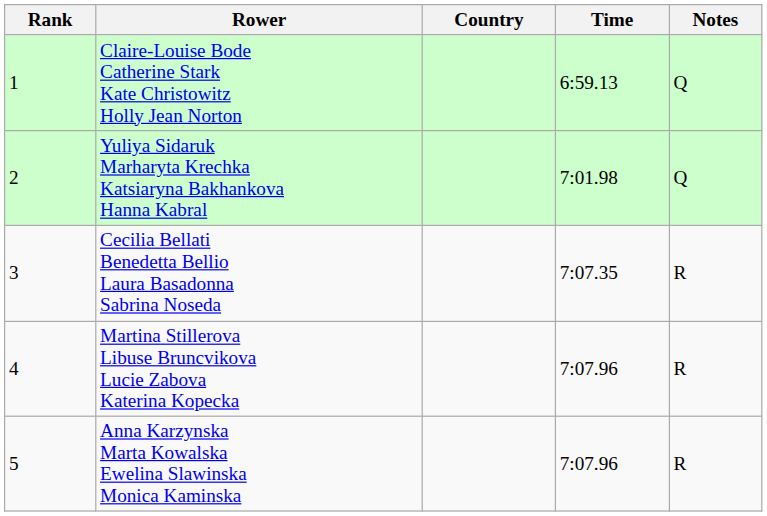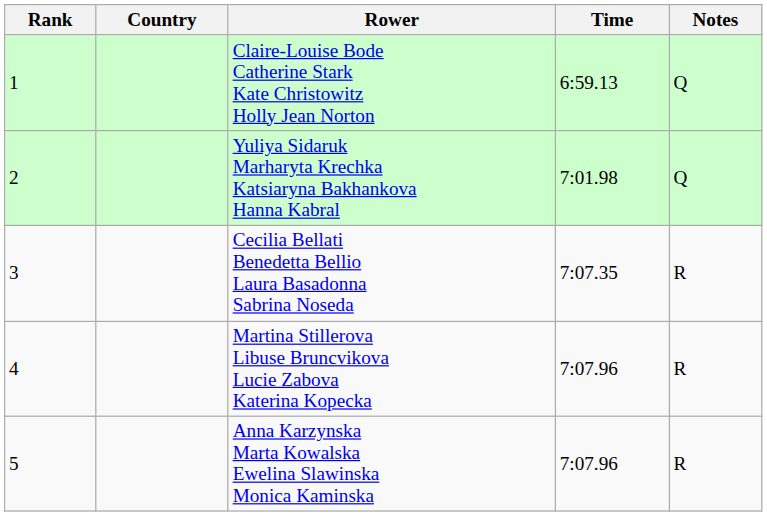 <table class="wikitable" width=50%>
 <tr>
 <th>Rank</th>
+<th>Country</th>
 <th>Rower</th>
-<th>Country</th>
 <th>Time</th>
 <th>Notes</th>
 </tr>
 <tr bgcolor=ccffcc>
 <td>1</td>
+<td></td>
 <td><a href='#'>Claire-Louise Bode</a><br><a href='#'>Catherine Stark</a><br><a href='#'>Kate Christowitz</a><br><a href='#'>Holly Jean Norton</a></td>
-<td></td>
 <td>6:59.13</td>
 <td>Q</td>
 </tr>
 <tr bgcolor=ccffcc>
 <td>2</td>
+<td></td>
 <td><a href='#'>Yuliya Sidaruk</a><br><a href='#'>Marharyta Krechka</a><br><a href='#'>Katsiaryna Bakhankova</a><br><a href='#'>Hanna Kabral</a></td>
-<td></td>
 <td>7:01.98</td>
 <td>Q</td>
 </tr>
 <tr>
 <td>3</td>
+<td></td>
 <td><a href='#'>Cecilia Bellati</a><br><a href='#'>Benedetta Bellio</a><br><a href='#'>Laura Basadonna</a><br><a href='#'>Sabrina Noseda</a></td>
-<td></td>
 <td>7:07.35</td>
 <td>R</td>
 </tr>
 <tr>
 <td>4</td>
+<td></td>
 <td><a href='#'>Martina Stillerova</a><br><a href='#'>Libuse Bruncvikova</a><br><a href='#'>Lucie Zabova</a><br><a href='#'>Katerina Kopecka</a></td>
-<td></td>
 <td>7:07.96</td>
 <td>R</td>
 </tr>
 <tr>
 <td>5</td>
+<td></td>
 <td><a href='#'>Anna Karzynska</a><br><a href='#'>Marta Kowalska</a><br><a href='#'>Ewelina Slawinska</a><br><a href='#'>Monica Kaminska</a></td>
-<td></td>
 <td>7:07.96</td>
 <td>R</td>
 </tr>
 </table>
